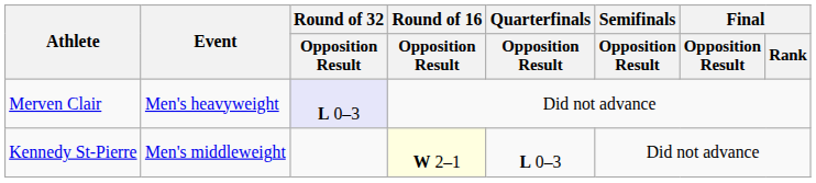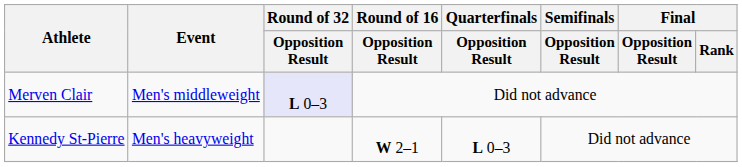 <table class="wikitable" style="font-size:90%">
 <tr>
 <th rowspan="2">Athlete</th>
 <th rowspan="2">Event</th>
 <th>Round of 32</th>
 <th>Round of 16</th>
 <th>Quarterfinals</th>
 <th>Semifinals</th>
 <th colspan=2>Final</th>
 </tr>
 <tr style="font-size:95%">
 <th>Opposition<br>Result</th>
 <th>Opposition<br>Result</th>
 <th>Opposition<br>Result</th>
 <th>Opposition<br>Result</th>
 <th>Opposition<br>Result</th>
 <th>Rank</th>
 </tr>
 <tr align=center>
 <td align=left><a href='#'>Merven Clair</a></td>
-<td align=left><a href='#'>Men's heavyweight</a></td>
+<td align=left><a href='#'>Men's middleweight</a></td>
 <td style="background: lavender;"><br><strong>L</strong> 0–3</td>
 <td colspan=5>Did not advance</td>
 </tr>
 <tr align=center>
 <td align=left><a href='#'>Kennedy St-Pierre</a></td>
-<td align=left><a href='#'>Men's middleweight</a></td>
+<td align=left><a href='#'>Men's heavyweight</a></td>
 <td></td>
-<td style="background: lightyellow;"><br><strong>W</strong> 2–1</td>
+<td><br><strong>W</strong> 2–1</td>
 <td><br><strong>L</strong> 0–3</td>
 <td colspan=3>Did not advance</td>
 </tr>
 </table>
